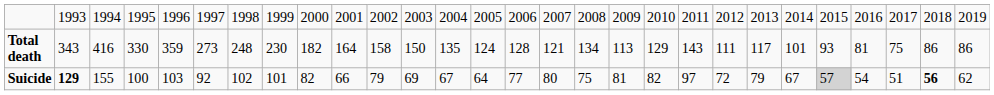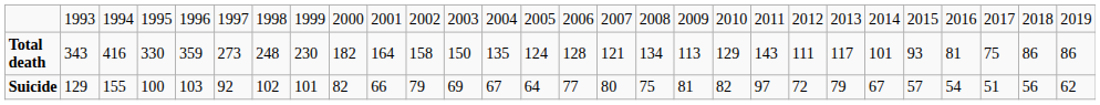 <table class="wikitable">
 <tr>
 <td>　</td>
 <td>1993</td>
 <td>1994</td>
 <td>1995</td>
 <td>1996</td>
 <td>1997</td>
 <td>1998</td>
 <td>1999</td>
 <td>2000</td>
 <td>2001</td>
 <td>2002</td>
 <td>2003</td>
 <td>2004</td>
 <td>2005</td>
 <td>2006</td>
 <td>2007</td>
 <td>2008</td>
 <td>2009</td>
 <td>2010</td>
 <td>2011</td>
 <td>2012</td>
 <td>2013</td>
 <td>2014</td>
 <td>2015</td>
 <td>2016</td>
 <td>2017</td>
 <td>2018</td>
 <td>2019</td>
 </tr>
 <tr>
 <td><strong>Total death</strong></td>
 <td>343</td>
 <td>416</td>
 <td>330</td>
 <td>359</td>
 <td>273</td>
 <td>248</td>
 <td>230</td>
 <td>182</td>
 <td>164</td>
 <td>158</td>
 <td>150</td>
 <td>135</td>
 <td>124</td>
 <td>128</td>
 <td>121</td>
 <td>134</td>
 <td>113</td>
 <td>129</td>
 <td>143</td>
 <td>111</td>
 <td>117</td>
 <td>101</td>
 <td>93</td>
 <td>81</td>
 <td>75</td>
 <td>86</td>
 <td>86</td>
 </tr>
 <tr>
 <td><strong>Suicide</strong></td>
-<td><strong>129</strong></td>
+<td>129</td>
 <td>155</td>
 <td>100</td>
 <td>103</td>
 <td>92</td>
 <td>102</td>
 <td>101</td>
 <td>82</td>
 <td>66</td>
 <td>79</td>
 <td>69</td>
 <td>67</td>
 <td>64</td>
 <td>77</td>
 <td>80</td>
 <td>75</td>
 <td>81</td>
 <td>82</td>
 <td>97</td>
 <td>72</td>
 <td>79</td>
 <td>67</td>
-<td style="background: lightgrey;">57</td>
+<td>57</td>
 <td>54</td>
 <td>51</td>
-<td><strong>56</strong></td>
+<td>56</td>
 <td>62</td>
 </tr>
 </table>
